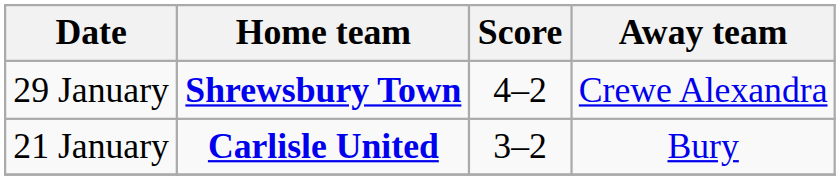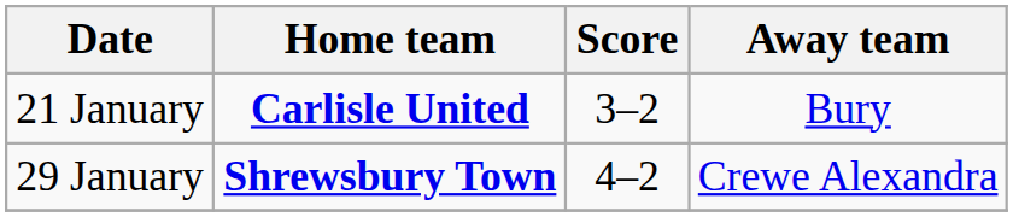 <table class="wikitable" style="text-align: center">
 <tr>
 <th>Date</th>
 <th>Home team</th>
 <th>Score</th>
 <th>Away team</th>
 </tr>
 <tr>
+<td>21 January</td>
+<td><strong><a href='#'>Carlisle United</a></strong></td>
+<td>3–2</td>
+<td><a href='#'>Bury</a></td>
+</tr>
+<tr>
 <td>29 January</td>
 <td><strong><a href='#'>Shrewsbury Town</a></strong></td>
 <td>4–2</td>
 <td><a href='#'>Crewe Alexandra</a></td>
 </tr>
 <tr>
-<td>21 January</td>
-<td><strong><a href='#'>Carlisle United</a></strong></td>
-<td>3–2</td>
-<td><a href='#'>Bury</a></td>
-</tr>
-<tr>
 </tr>
 </table>
